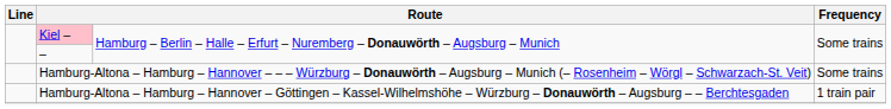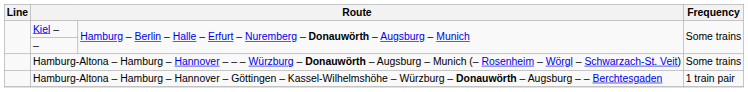 <table class="wikitable">
 <tr>
 <th>Line</th>
 <th colspan=2>Route</th>
 <th>Frequency</th>
 </tr>
 <tr>
 <td rowspan=2></td>
-<td style="background: pink;"><a href='#'>Kiel</a> –</td>
+<td><a href='#'>Kiel</a> –</td>
 <td rowspan=2><a href='#'>Hamburg</a> – <a href='#'>Berlin</a> – <a href='#'>Halle</a> – <a href='#'>Erfurt</a> – <a href='#'>Nuremberg</a> – <strong>Donauwörth</strong> – <a href='#'>Augsburg</a> – <a href='#'>Munich</a></td>
 <td rowspan=2>Some trains</td>
 </tr>
 <tr>
 <td> –</td>
 </tr>
 <tr>
 <td></td>
 <td colspan=2>Hamburg-Altona – Hamburg – <a href='#'>Hannover</a> –  –  – <a href='#'>Würzburg</a> – <strong>Donauwörth</strong> – Augsburg – Munich (– <a href='#'>Rosenheim</a> – <a href='#'>Wörgl</a> – <a href='#'>Schwarzach-St. Veit</a>)</td>
 <td>Some trains</td>
 </tr>
 <tr>
 <td></td>
 <td colspan=2>Hamburg-Altona – Hamburg – Hannover – Göttingen – Kassel-Wilhelmshöhe – Würzburg – <strong>Donauwörth</strong> – Augsburg –  – <a href='#'>Berchtesgaden</a></td>
 <td>1 train pair</td>
 </tr>
 <tr>
 </tr>
 </table>
